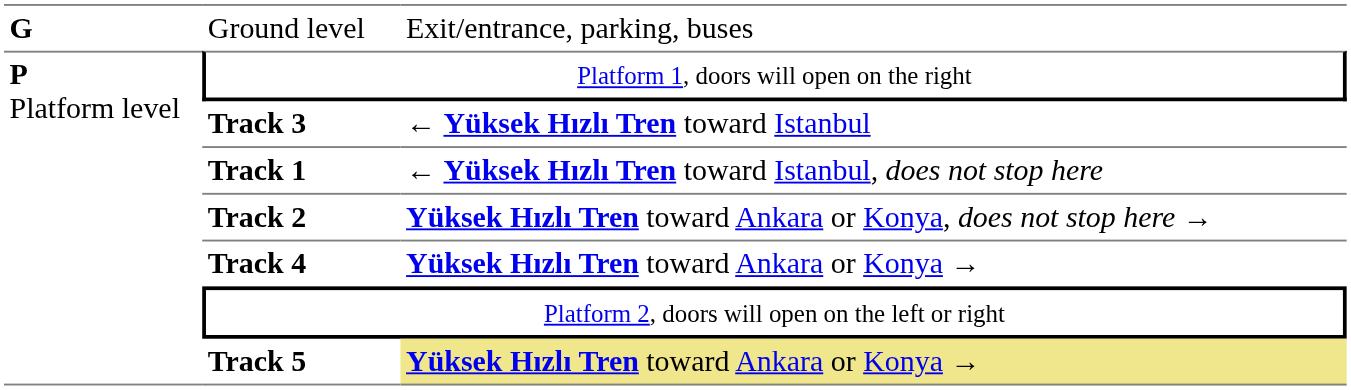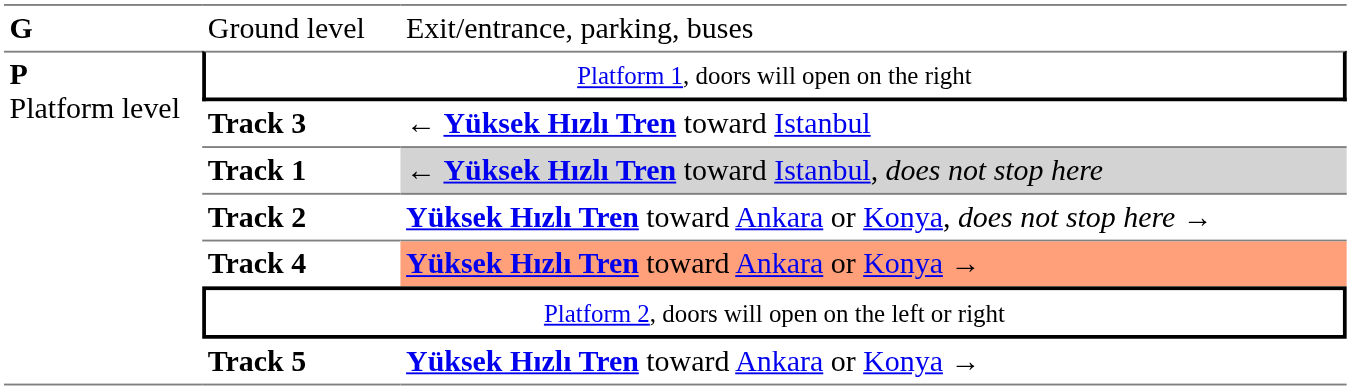 <table table border=0 cellspacing=0 cellpadding=3>
 <tr>
 <td style="border-top:solid 1px gray;vertical-align:top;" width=50><strong>G</strong></td>
 <td style="border-top:solid 1px gray;vertical-align:top;" width=100>Ground level</td>
 <td style="border-top:solid 1px gray;vertical-align:top;" width=500>Exit/entrance, parking, buses</td>
 </tr>
 <tr>
 <td style="border-top:solid 1px gray;border-bottom:solid 1px gray;vertical-align:top;" width=100 rowspan=8><strong>P</strong><br>Platform level</td>
 </tr>
 <tr>
 <td style="border-top:solid 1px gray;border-right:solid 2px black;border-left:solid 2px black;border-bottom:solid 2px black;text-align:center;" colspan=2><small><a href='#'>Platform 1</a>, doors will open on the right</small> </td>
 </tr>
 <tr>
 <td style="border-bottom:solid 1px gray;" width=100><strong>Track 3</strong></td>
 <td style="border-bottom:solid 1px gray;" width=500>← <strong><a href='#'><span>Yüksek Hızlı Tren</span></a></strong> toward <a href='#'>Istanbul</a></td>
 </tr>
 <tr>
 <td style="border-bottom:solid 1px gray;" width=100><strong>Track 1</strong></td>
-<td style="border-bottom:solid 1px gray;" width=500>← <strong><a href='#'><span>Yüksek Hızlı Tren</span></a></strong> toward <a href='#'>Istanbul</a>, <em>does not stop here</em></td>
+<td style="background: lightgrey; border-bottom:solid 1px gray;" width=500>← <strong><a href='#'><span>Yüksek Hızlı Tren</span></a></strong> toward <a href='#'>Istanbul</a>, <em>does not stop here</em></td>
 </tr>
 <tr>
 <td style="border-bottom:solid 1px gray;" width=100><strong>Track 2</strong></td>
 <td style="border-bottom:solid 1px gray;" width=500><strong><a href='#'><span>Yüksek Hızlı Tren</span></a></strong> toward <a href='#'>Ankara</a> or <a href='#'>Konya</a>, <em>does not stop here</em> →</td>
 </tr>
 <tr>
 <td width=100><strong>Track 4</strong></td>
-<td width=500><strong><a href='#'><span>Yüksek Hızlı Tren</span></a></strong> toward <a href='#'>Ankara</a> or <a href='#'>Konya</a> →</td>
+<td width=500 style="background: lightsalmon;"><strong><a href='#'><span>Yüksek Hızlı Tren</span></a></strong> toward <a href='#'>Ankara</a> or <a href='#'>Konya</a> →</td>
 </tr>
 <tr>
 <td style="border-bottom:solid 2px black;border-top:solid 2px black;border-right:solid 2px black;border-left:solid 2px black;text-align:center;" colspan=2><small><a href='#'>Platform 2</a>, doors will open on the left or right</small> </td>
 </tr>
 <tr>
 <td style="border-bottom:solid 1px gray;" width=100><strong>Track 5</strong></td>
-<td style="background: khaki; border-bottom:solid 1px gray;" width=500><strong><a href='#'><span>Yüksek Hızlı Tren</span></a></strong> toward <a href='#'>Ankara</a> or <a href='#'>Konya</a> →</td>
+<td style="border-bottom:solid 1px gray;" width=500><strong><a href='#'><span>Yüksek Hızlı Tren</span></a></strong> toward <a href='#'>Ankara</a> or <a href='#'>Konya</a> →</td>
 </tr>
 </table>
